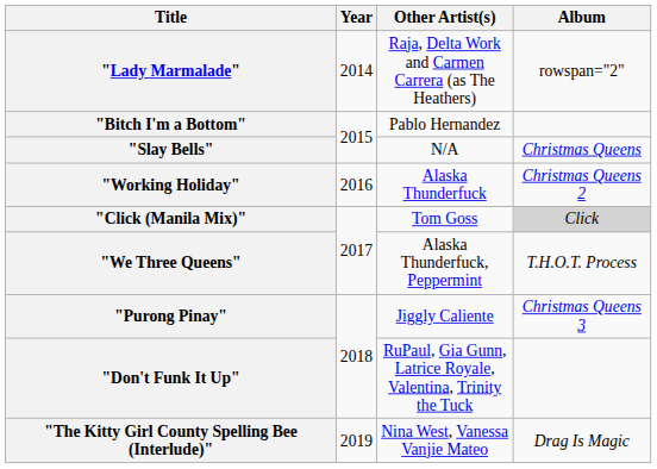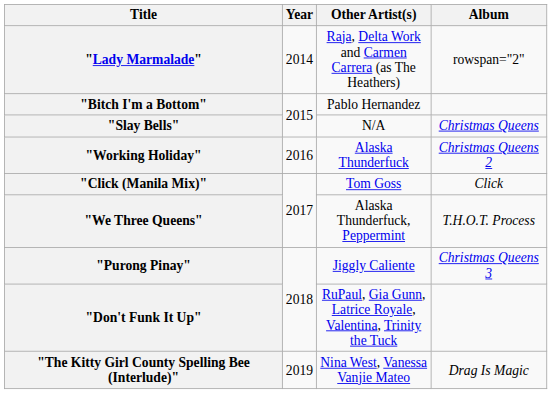 <table class="wikitable plainrowheaders" style="text-align:center;">
 <tr>
 <th scope="col" style="width:20em;">Title</th>
 <th scope="col" style="width:2em;">Year</th>
 <th scope="col" style="width:8em;">Other Artist(s)</th>
 <th scope="col" style="width:8em;">Album</th>
 </tr>
 <tr>
 <th scope="row">"<a href='#'>Lady Marmalade</a>"</th>
 <td>2014</td>
 <td><a href='#'>Raja</a>, <a href='#'>Delta Work</a> and <a href='#'>Carmen Carrera</a> (as The Heathers)</td>
 <td>rowspan="2" </td>
 </tr>
 <tr>
 <th scope="row">"Bitch I'm a Bottom"</th>
 <td rowspan="2">2015</td>
 <td>Pablo Hernandez</td>
 </tr>
 <tr>
 <th scope="row">"Slay Bells"</th>
 <td>N/A</td>
 <td><em><a href='#'>Christmas Queens</a></em></td>
 </tr>
 <tr>
 <th scope="row">"Working Holiday"</th>
 <td>2016</td>
 <td><a href='#'>Alaska Thunderfuck</a></td>
 <td><em><a href='#'>Christmas Queens 2</a></em></td>
 </tr>
 <tr>
 <th scope="row">"Click (Manila Mix)"</th>
 <td rowspan="2">2017</td>
 <td><a href='#'>Tom Goss</a></td>
-<td style="background: lightgrey;"><em>Click</em></td>
+<td><em>Click</em></td>
 </tr>
 <tr>
 <th scope="row">"We Three Queens"</th>
 <td>Alaska Thunderfuck, <a href='#'>Peppermint</a></td>
 <td><em>T.H.O.T. Process</em></td>
 </tr>
 <tr>
 <th scope="row">"Purong Pinay"</th>
 <td rowspan="2">2018</td>
 <td><a href='#'>Jiggly Caliente</a></td>
 <td><em><a href='#'>Christmas Queens 3</a></em></td>
 </tr>
 <tr>
 <th scope="row">"Don't Funk It Up"</th>
 <td><a href='#'>RuPaul</a>, <a href='#'>Gia Gunn</a>, <a href='#'>Latrice Royale</a>, <a href='#'>Valentina</a>, <a href='#'>Trinity the Tuck</a></td>
 <td></td>
 </tr>
 <tr>
 <th scope="row">"The Kitty Girl County Spelling Bee (Interlude)"</th>
 <td>2019</td>
 <td><a href='#'>Nina West</a>, <a href='#'>Vanessa Vanjie Mateo</a></td>
 <td><em>Drag Is Magic</em></td>
 </tr>
 </table>
